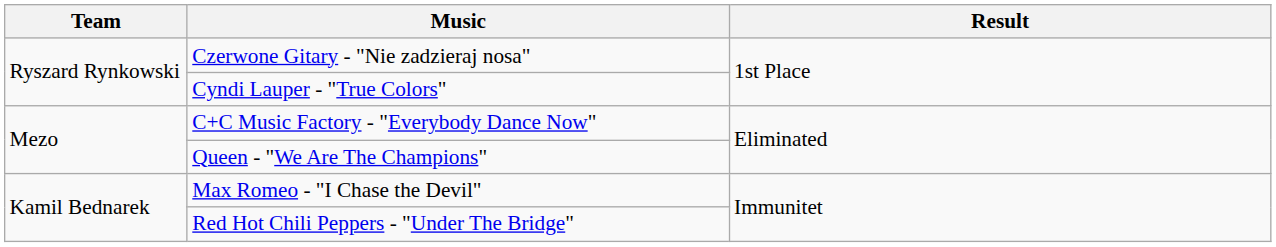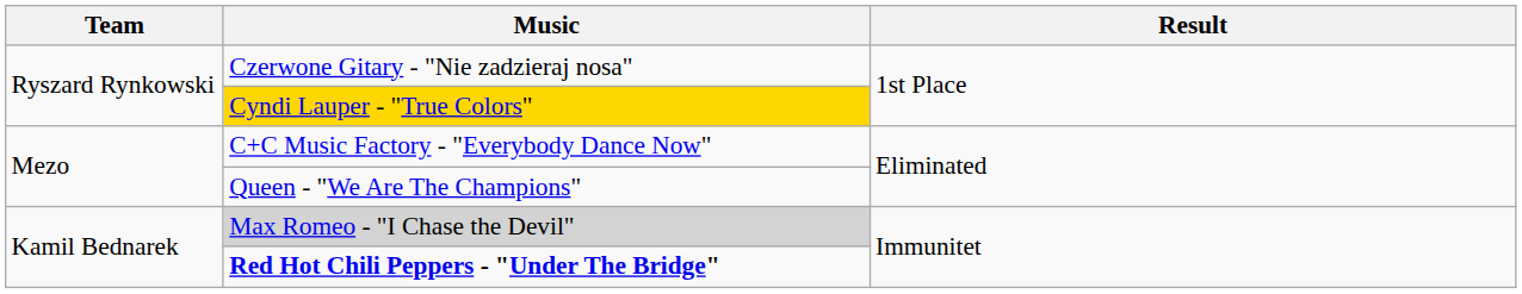 <table class="wikitable">
 <tr>
 <th style="width:130px;">Team</th>
 <th style="width:400px;">Music</th>
 <th style="width:400px;">Result</th>
 </tr>
 <tr>
 <td rowspan="2">Ryszard Rynkowski</td>
 <td><a href='#'>Czerwone Gitary</a> - "Nie zadzieraj nosa"</td>
 <td rowspan="2">1st Place</td>
 </tr>
 <tr>
-<td><a href='#'>Cyndi Lauper</a> - "<a href='#'>True Colors</a>"</td>
+<td style="background: gold;"><a href='#'>Cyndi Lauper</a> - "<a href='#'>True Colors</a>"</td>
 </tr>
 <tr>
 <td rowspan="2">Mezo</td>
 <td><a href='#'>C+C Music Factory</a> - "<a href='#'>Everybody Dance Now</a>"</td>
 <td rowspan="2">Eliminated</td>
 </tr>
 <tr>
 <td><a href='#'>Queen</a> - "<a href='#'>We Are The Champions</a>"</td>
 </tr>
 <tr>
 <td rowspan="2">Kamil Bednarek</td>
-<td><a href='#'>Max Romeo</a> - "I Chase the Devil"</td>
+<td style="background: lightgrey;"><a href='#'>Max Romeo</a> - "I Chase the Devil"</td>
 <td rowspan="2">Immunitet</td>
 </tr>
 <tr>
-<td><a href='#'>Red Hot Chili Peppers</a> - "<a href='#'>Under The Bridge</a>"</td>
+<td><strong><a href='#'>Red Hot Chili Peppers</a> - "<a href='#'>Under The Bridge</a>"</strong></td>
 </tr>
 </table>
